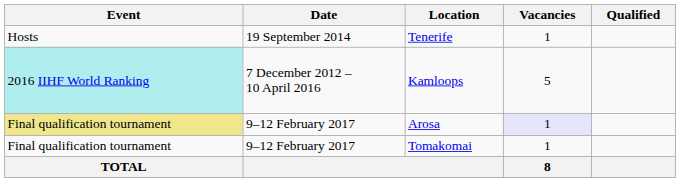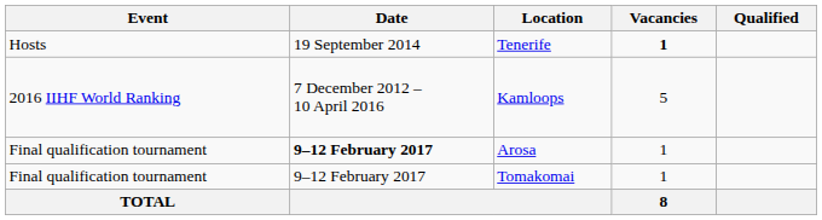 <table class="wikitable" width=800>
 <tr>
 <th>Event</th>
 <th>Date</th>
 <th>Location</th>
 <th>Vacancies</th>
 <th>Qualified</th>
 </tr>
 <tr>
 <td>Hosts</td>
 <td>19 September 2014</td>
 <td> <a href='#'>Tenerife</a></td>
-<td align=center>1</td>
+<td align=center><strong>1</strong></td>
 <td></td>
 </tr>
 <tr>
-<td style="background: paleturquoise;">2016 <a href='#'>IIHF World Ranking</a></td>
+<td>2016 <a href='#'>IIHF World Ranking</a></td>
 <td>7 December 2012 – <br> 10 April 2016</td>
 <td> <a href='#'>Kamloops</a></td>
 <td align=center>5</td>
 <td><br><br><br><br></td>
 </tr>
 <tr>
-<td style="background: khaki;">Final qualification tournament</td>
-<td>9–12 February 2017</td>
+<td>Final qualification tournament</td>
+<td><strong>9–12 February 2017</strong></td>
 <td> <a href='#'>Arosa</a></td>
-<td align=center style="background: lavender;">1</td>
+<td align=center>1</td>
 <td></td>
 </tr>
 <tr>
 <td>Final qualification tournament</td>
 <td>9–12 February 2017</td>
 <td> <a href='#'>Tomakomai</a></td>
 <td align=center>1</td>
 <td></td>
 </tr>
 <tr>
 <th>TOTAL</th>
 <th colspan="2"></th>
 <th>8</th>
 <th></th>
 </tr>
 </table>
